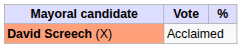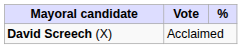 <table class="wikitable">
 <tr>
 <th style="background:#ddf;" width="200px">Mayoral candidate</th>
 <th style="background:#ddf;" width="50px">Vote</th>
 <th style="background:#ddf;" width="30px">%</th>
 </tr>
 <tr>
-<td style="background: lightsalmon;"><strong>David Screech</strong> (X)</td>
+<td><strong>David Screech</strong> (X)</td>
 <td colspan="2">Acclaimed</td>
 </tr>
 </table>
